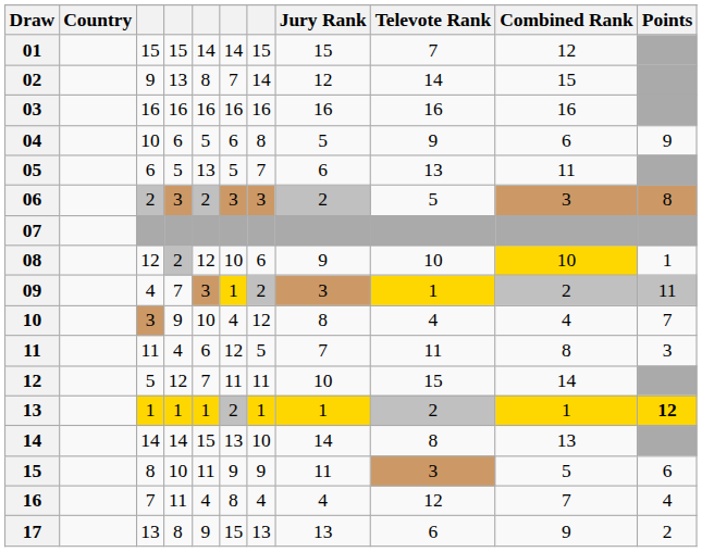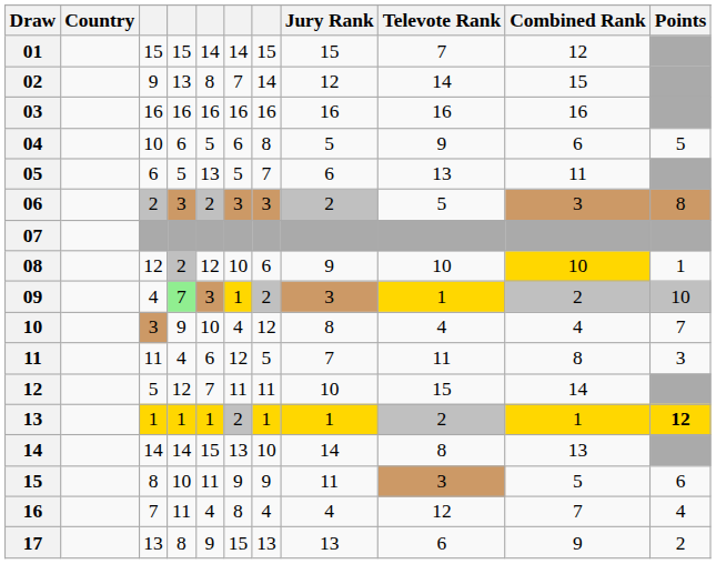 <table class="sortable wikitable collapsible plainrowheaders" style="text-align:center;">
 <tr>
 </tr>
 <tr>
 <th scope="col">Draw</th>
 <th scope="col">Country</th>
 <th scope="col"><small></small></th>
 <th scope="col"><small></small></th>
 <th scope="col"><small></small></th>
 <th scope="col"><small></small></th>
 <th scope="col"><small></small></th>
 <th scope="col">Jury Rank</th>
 <th scope="col">Televote Rank</th>
 <th scope="col">Combined Rank</th>
 <th scope="col">Points</th>
 </tr>
 <tr>
 <th scope="row" style="text-align:center;">01</th>
 <td style="text-align:left;"></td>
 <td>15</td>
 <td>15</td>
 <td>14</td>
 <td>14</td>
 <td>15</td>
 <td>15</td>
 <td>7</td>
 <td>12</td>
 <td style="background:#AAAAAA;"></td>
 </tr>
 <tr>
 <th scope="row" style="text-align:center;">02</th>
 <td style="text-align:left;"></td>
 <td>9</td>
 <td>13</td>
 <td>8</td>
 <td>7</td>
 <td>14</td>
 <td>12</td>
 <td>14</td>
 <td>15</td>
 <td style="background:#AAAAAA;"></td>
 </tr>
 <tr>
 <th scope="row" style="text-align:center;">03</th>
 <td style="text-align:left;"></td>
 <td>16</td>
 <td>16</td>
 <td>16</td>
 <td>16</td>
 <td>16</td>
 <td>16</td>
 <td>16</td>
 <td>16</td>
 <td style="background:#AAAAAA;"></td>
 </tr>
 <tr>
 <th scope="row" style="text-align:center;">04</th>
 <td style="text-align:left;"></td>
 <td>10</td>
 <td>6</td>
 <td>5</td>
 <td>6</td>
 <td>8</td>
 <td>5</td>
 <td>9</td>
 <td>6</td>
-<td>9</td>
+<td>5</td>
 </tr>
 <tr>
 <th scope="row" style="text-align:center;">05</th>
 <td style="text-align:left;"></td>
 <td>6</td>
 <td>5</td>
 <td>13</td>
 <td>5</td>
 <td>7</td>
 <td>6</td>
 <td>13</td>
 <td>11</td>
 <td style="background:#AAAAAA;"></td>
 </tr>
 <tr>
 <th scope="row" style="text-align:center;">06</th>
 <td style="text-align:left;"></td>
 <td style="background:silver;">2</td>
 <td style="background:#CC9966;">3</td>
 <td style="background:silver;">2</td>
 <td style="background:#CC9966;">3</td>
 <td style="background:#CC9966;">3</td>
 <td style="background:silver;">2</td>
 <td>5</td>
 <td style="background:#CC9966;">3</td>
 <td style="background:#CC9966;">8</td>
 </tr>
 <tr class="sortbottom">
 <th scope="row" style="text-align:center;">07</th>
 <td style="text-align:left;"></td>
 <td style="background:#AAAAAA;"></td>
 <td style="background:#AAAAAA;"></td>
 <td style="background:#AAAAAA;"></td>
 <td style="background:#AAAAAA;"></td>
 <td style="background:#AAAAAA;"></td>
 <td style="background:#AAAAAA;"></td>
 <td style="background:#AAAAAA;"></td>
 <td style="background:#AAAAAA;"></td>
 <td style="background:#AAAAAA;"></td>
 </tr>
 <tr>
 <th scope="row" style="text-align:center;">08</th>
 <td style="text-align:left;"></td>
 <td>12</td>
 <td style="background:silver;">2</td>
 <td>12</td>
 <td>10</td>
 <td>6</td>
 <td>9</td>
 <td>10</td>
 <td style="background: gold;">10</td>
 <td>1</td>
 </tr>
 <tr>
 <th scope="row" style="text-align:center;">09</th>
 <td style="text-align:left;"></td>
 <td>4</td>
-<td>7</td>
+<td style="background: lightgreen;">7</td>
 <td style="background:#CC9966;">3</td>
 <td style="background:gold;">1</td>
 <td style="background:silver;">2</td>
 <td style="background:#CC9966;">3</td>
 <td style="background:gold;">1</td>
 <td style="background:silver;">2</td>
-<td style="background:silver;">11</td>
+<td style="background:silver;">10</td>
 </tr>
 <tr>
 <th scope="row" style="text-align:center;">10</th>
 <td style="text-align:left;"></td>
 <td style="background:#CC9966;">3</td>
 <td>9</td>
 <td>10</td>
 <td>4</td>
 <td>12</td>
 <td>8</td>
 <td>4</td>
 <td>4</td>
 <td>7</td>
 </tr>
 <tr>
 <th scope="row" style="text-align:center;">11</th>
 <td style="text-align:left;"></td>
 <td>11</td>
 <td>4</td>
 <td>6</td>
 <td>12</td>
 <td>5</td>
 <td>7</td>
 <td>11</td>
 <td>8</td>
 <td>3</td>
 </tr>
 <tr>
 <th scope="row" style="text-align:center;">12</th>
 <td style="text-align:left;"></td>
 <td>5</td>
 <td>12</td>
 <td>7</td>
 <td>11</td>
 <td>11</td>
 <td>10</td>
 <td>15</td>
 <td>14</td>
 <td style="background:#AAAAAA;"></td>
 </tr>
 <tr>
 <th scope="row" style="text-align:center;">13</th>
 <td style="text-align:left;"></td>
 <td style="background:gold;">1</td>
 <td style="background:gold;">1</td>
 <td style="background:gold;">1</td>
 <td style="background:silver;">2</td>
 <td style="background:gold;">1</td>
 <td style="background:gold;">1</td>
 <td style="background:silver;">2</td>
 <td style="background:gold;">1</td>
 <td style="background:gold;"><strong>12</strong></td>
 </tr>
 <tr>
 <th scope="row" style="text-align:center;">14</th>
 <td style="text-align:left;"></td>
 <td>14</td>
 <td>14</td>
 <td>15</td>
 <td>13</td>
 <td>10</td>
 <td>14</td>
 <td>8</td>
 <td>13</td>
 <td style="background:#AAAAAA;"></td>
 </tr>
 <tr>
 <th scope="row" style="text-align:center;">15</th>
 <td style="text-align:left;"></td>
 <td>8</td>
 <td>10</td>
 <td>11</td>
 <td>9</td>
 <td>9</td>
 <td>11</td>
 <td style="background:#CC9966;">3</td>
 <td>5</td>
 <td>6</td>
 </tr>
 <tr>
 <th scope="row" style="text-align:center;">16</th>
 <td style="text-align:left;"></td>
 <td>7</td>
 <td>11</td>
 <td>4</td>
 <td>8</td>
 <td>4</td>
 <td>4</td>
 <td>12</td>
 <td>7</td>
 <td>4</td>
 </tr>
 <tr>
 <th scope="row" style="text-align:center;">17</th>
 <td style="text-align:left;"></td>
 <td>13</td>
 <td>8</td>
 <td>9</td>
 <td>15</td>
 <td>13</td>
 <td>13</td>
 <td>6</td>
 <td>9</td>
 <td>2</td>
 </tr>
 </table>
